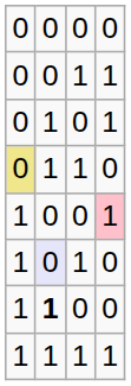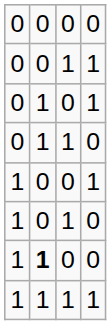 <table class="wikitable">
 <tr>
 <td>0</td>
 <td>0</td>
 <td>0</td>
 <td>0</td>
 </tr>
 <tr>
 <td>0</td>
 <td>0</td>
 <td>1</td>
 <td>1</td>
 </tr>
 <tr>
 <td>0</td>
 <td>1</td>
 <td>0</td>
 <td>1</td>
 </tr>
 <tr>
-<td style="background: khaki;">0</td>
+<td>0</td>
 <td>1</td>
 <td>1</td>
 <td>0</td>
 </tr>
 <tr>
 <td>1</td>
 <td>0</td>
 <td>0</td>
-<td style="background: pink;">1</td>
+<td>1</td>
 </tr>
 <tr>
 <td>1</td>
-<td style="background: lavender;">0</td>
+<td>0</td>
 <td>1</td>
 <td>0</td>
 </tr>
 <tr>
 <td>1</td>
 <td><strong>1</strong></td>
 <td>0</td>
 <td>0</td>
 </tr>
 <tr>
 <td>1</td>
 <td>1</td>
 <td>1</td>
 <td>1</td>
 </tr>
 </table>
